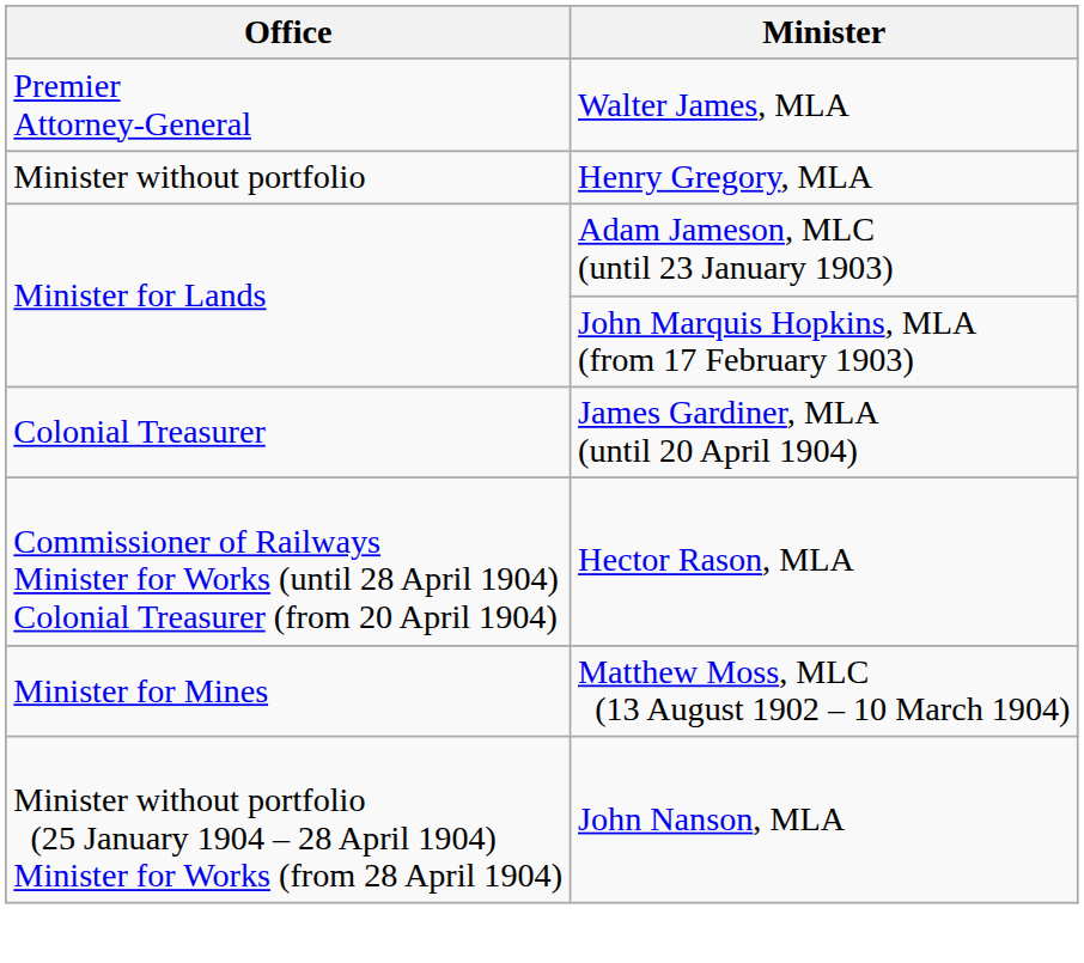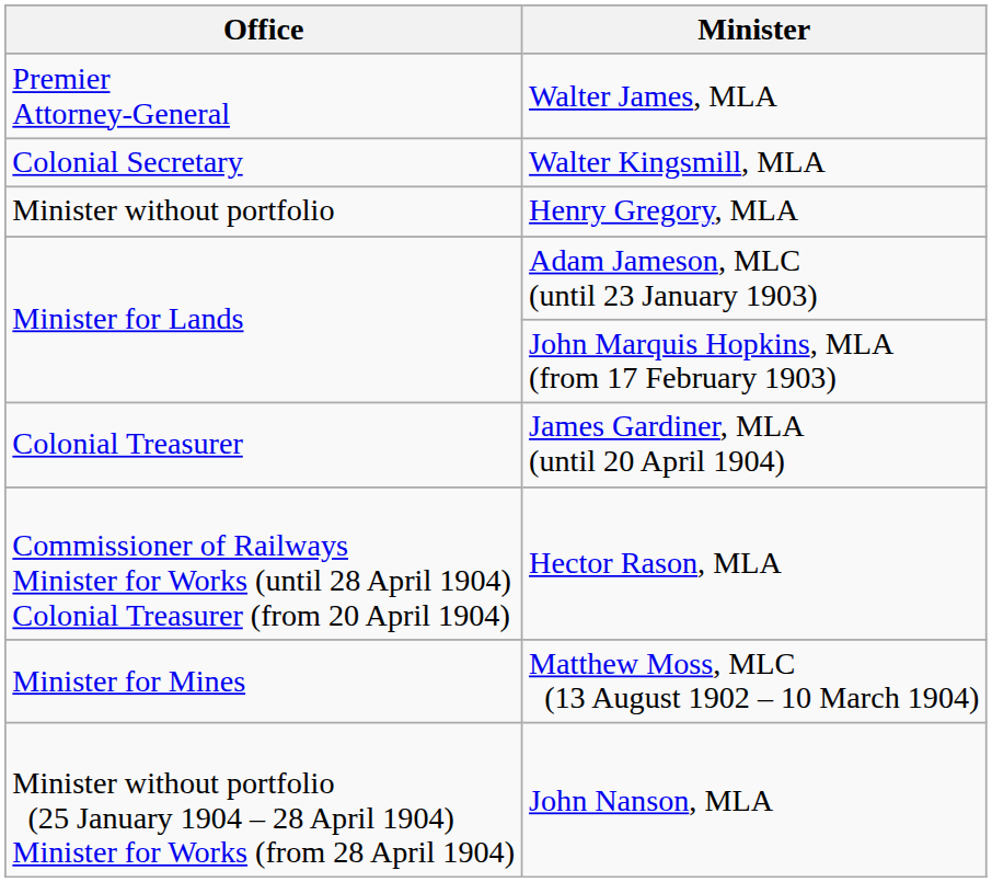 <table class="wikitable">
 <tr>
 <th>Office</th>
 <th>Minister</th>
 </tr>
 <tr>
 <td><a href='#'>Premier</a><br><a href='#'>Attorney-General</a></td>
 <td><a href='#'>Walter James</a>, MLA</td>
+</tr>
+<tr>
+<td><a href='#'>Colonial Secretary</a></td>
+<td><a href='#'>Walter Kingsmill</a>, MLA</td>
 </tr>
 <tr>
 <td>Minister without portfolio</td>
 <td><a href='#'>Henry Gregory</a>, MLA</td>
 </tr>
 <tr>
 <td rowspan=2><a href='#'>Minister for Lands</a></td>
 <td><a href='#'>Adam Jameson</a>, MLC<br>(until 23 January 1903)</td>
 </tr>
 <tr>
 <td><a href='#'>John Marquis Hopkins</a>, MLA<br>(from 17 February 1903)</td>
 </tr>
 <tr>
 <td><a href='#'>Colonial Treasurer</a></td>
 <td><a href='#'>James Gardiner</a>, MLA<br>(until 20 April 1904)</td>
 </tr>
 <tr>
 <td><br><a href='#'>Commissioner of Railways</a><br> <a href='#'>Minister for Works</a> (until 28 April 1904)<br> <a href='#'>Colonial Treasurer</a> (from 20 April 1904)</td>
 <td><a href='#'>Hector Rason</a>, MLA</td>
 </tr>
 <tr>
 <td><a href='#'>Minister for Mines</a></td>
 <td><a href='#'>Matthew Moss</a>, MLC<br>  (13 August 1902 – 10 March 1904)</td>
 </tr>
 <tr>
 <td><br>Minister without portfolio<br>  (25 January 1904 – 28 April 1904)<br> <a href='#'>Minister for Works</a> (from 28 April 1904)</td>
 <td><a href='#'>John Nanson</a>, MLA</td>
 </tr>
 </table>
